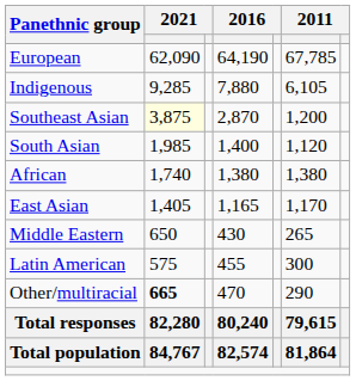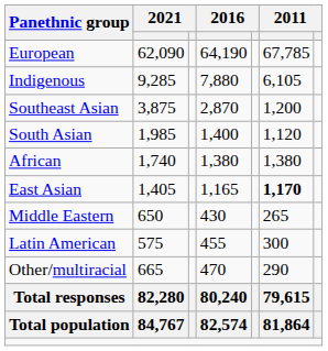 <table class="wikitable collapsible sortable">
 <tr>
 <th rowspan="2"><a href='#'>Panethnic</a> group</th>
 <th colspan="2">2021</th>
 <th colspan="2">2016</th>
 <th colspan="2">2011</th>
 </tr>
 <tr>
 <th><a href='#'></a></th>
 <th></th>
 <th></th>
 <th></th>
 <th></th>
 <th></th>
 </tr>
 <tr>
 <td><a href='#'>European</a></td>
 <td>62,090</td>
 <td></td>
 <td>64,190</td>
 <td></td>
 <td>67,785</td>
 <td></td>
 </tr>
 <tr>
 <td><a href='#'>Indigenous</a></td>
 <td>9,285</td>
 <td></td>
 <td>7,880</td>
 <td></td>
 <td>6,105</td>
 <td></td>
 </tr>
 <tr>
 <td><a href='#'>Southeast Asian</a></td>
-<td style="background: lightyellow;">3,875</td>
+<td>3,875</td>
 <td></td>
 <td>2,870</td>
 <td></td>
 <td>1,200</td>
 <td></td>
 </tr>
 <tr>
 <td><a href='#'>South Asian</a></td>
 <td>1,985</td>
 <td></td>
 <td>1,400</td>
 <td></td>
 <td>1,120</td>
 <td></td>
 </tr>
 <tr>
 <td><a href='#'>African</a></td>
 <td>1,740</td>
 <td></td>
 <td>1,380</td>
 <td></td>
 <td>1,380</td>
 <td></td>
 </tr>
 <tr>
 <td><a href='#'>East Asian</a></td>
 <td>1,405</td>
 <td></td>
 <td>1,165</td>
 <td></td>
-<td>1,170</td>
+<td><strong>1,170</strong></td>
 <td></td>
 </tr>
 <tr>
 <td><a href='#'>Middle Eastern</a></td>
 <td>650</td>
 <td></td>
 <td>430</td>
 <td></td>
 <td>265</td>
 <td></td>
 </tr>
 <tr>
 <td><a href='#'>Latin American</a></td>
 <td>575</td>
 <td></td>
 <td>455</td>
 <td></td>
 <td>300</td>
 <td></td>
 </tr>
 <tr>
 <td>Other/<a href='#'>multiracial</a></td>
-<td><strong>665</strong></td>
+<td>665</td>
 <td></td>
 <td>470</td>
 <td></td>
 <td>290</td>
 <td></td>
 </tr>
 <tr>
 <th>Total responses</th>
 <th>82,280</th>
 <th></th>
 <th>80,240</th>
 <th></th>
 <th>79,615</th>
 <th></th>
 </tr>
 <tr class="sortbottom">
 <th>Total population</th>
 <th>84,767</th>
 <th></th>
 <th>82,574</th>
 <th></th>
 <th>81,864</th>
 <th></th>
 </tr>
 <tr class="sortbottom">
 <td colspan="15"></td>
 </tr>
 </table>
